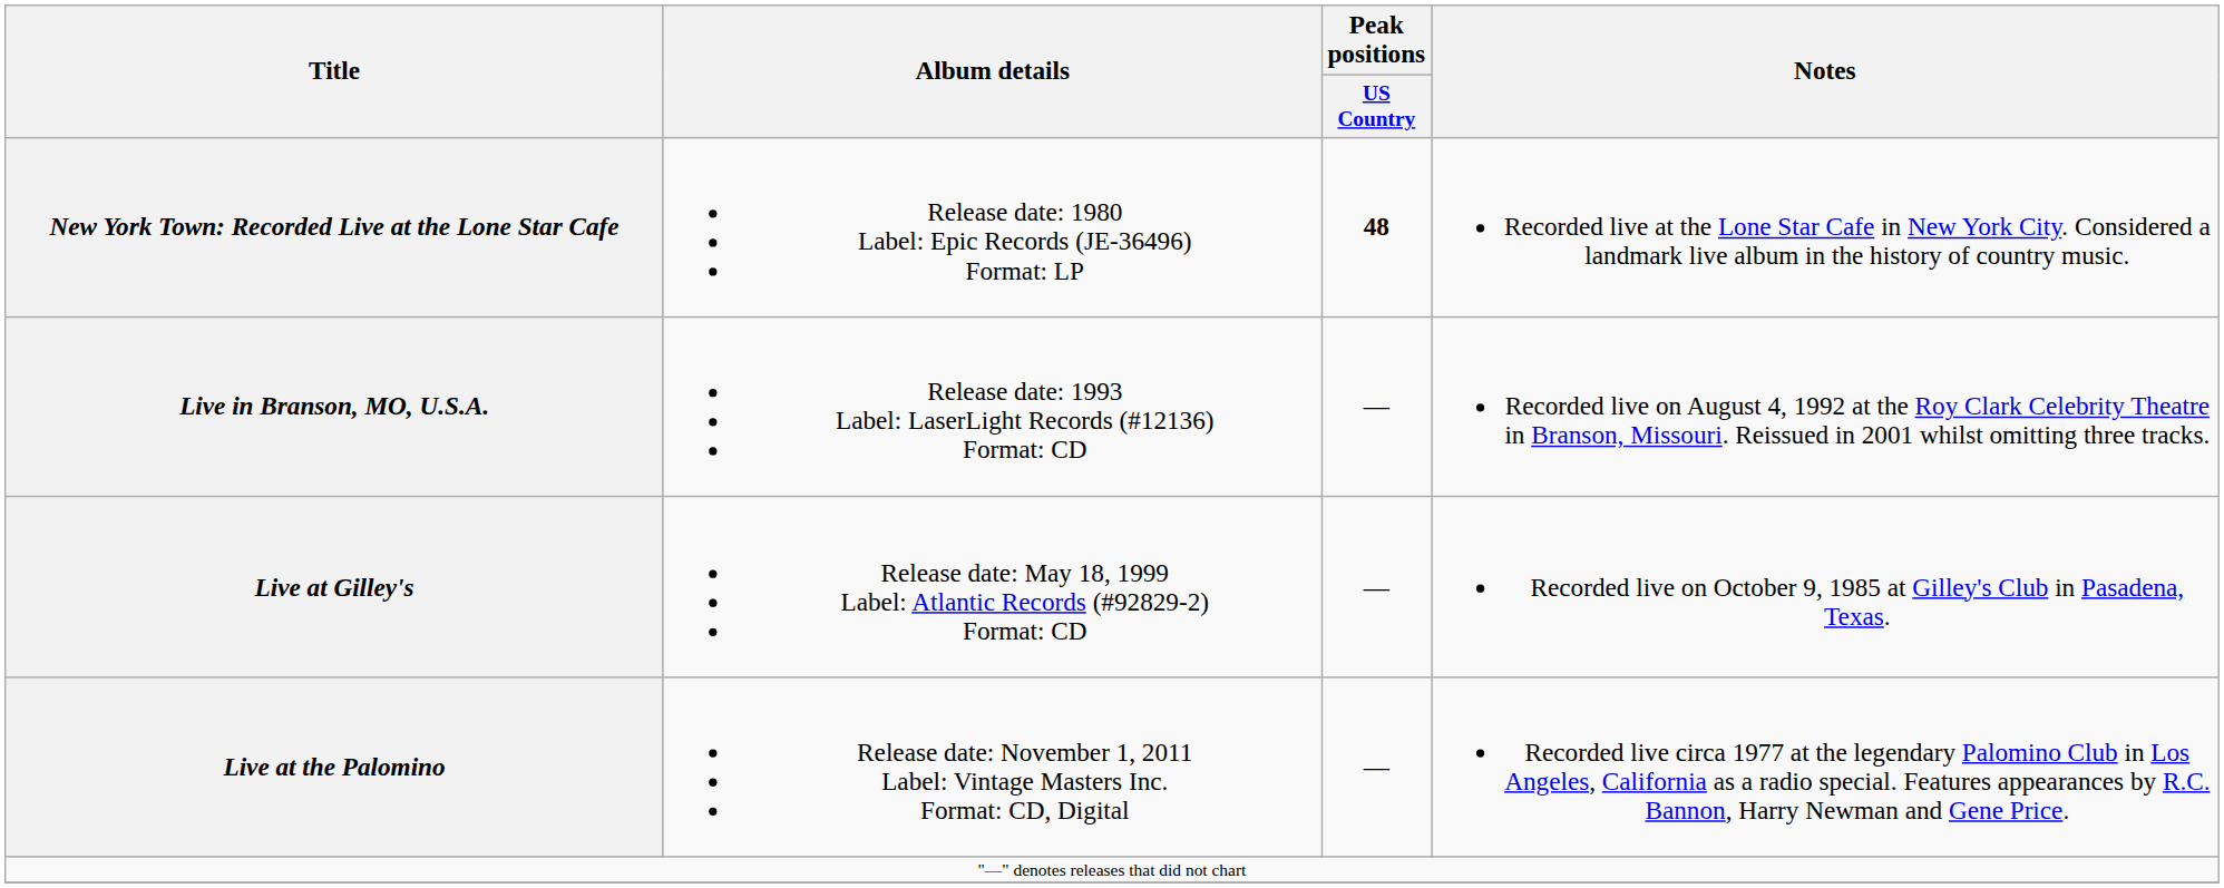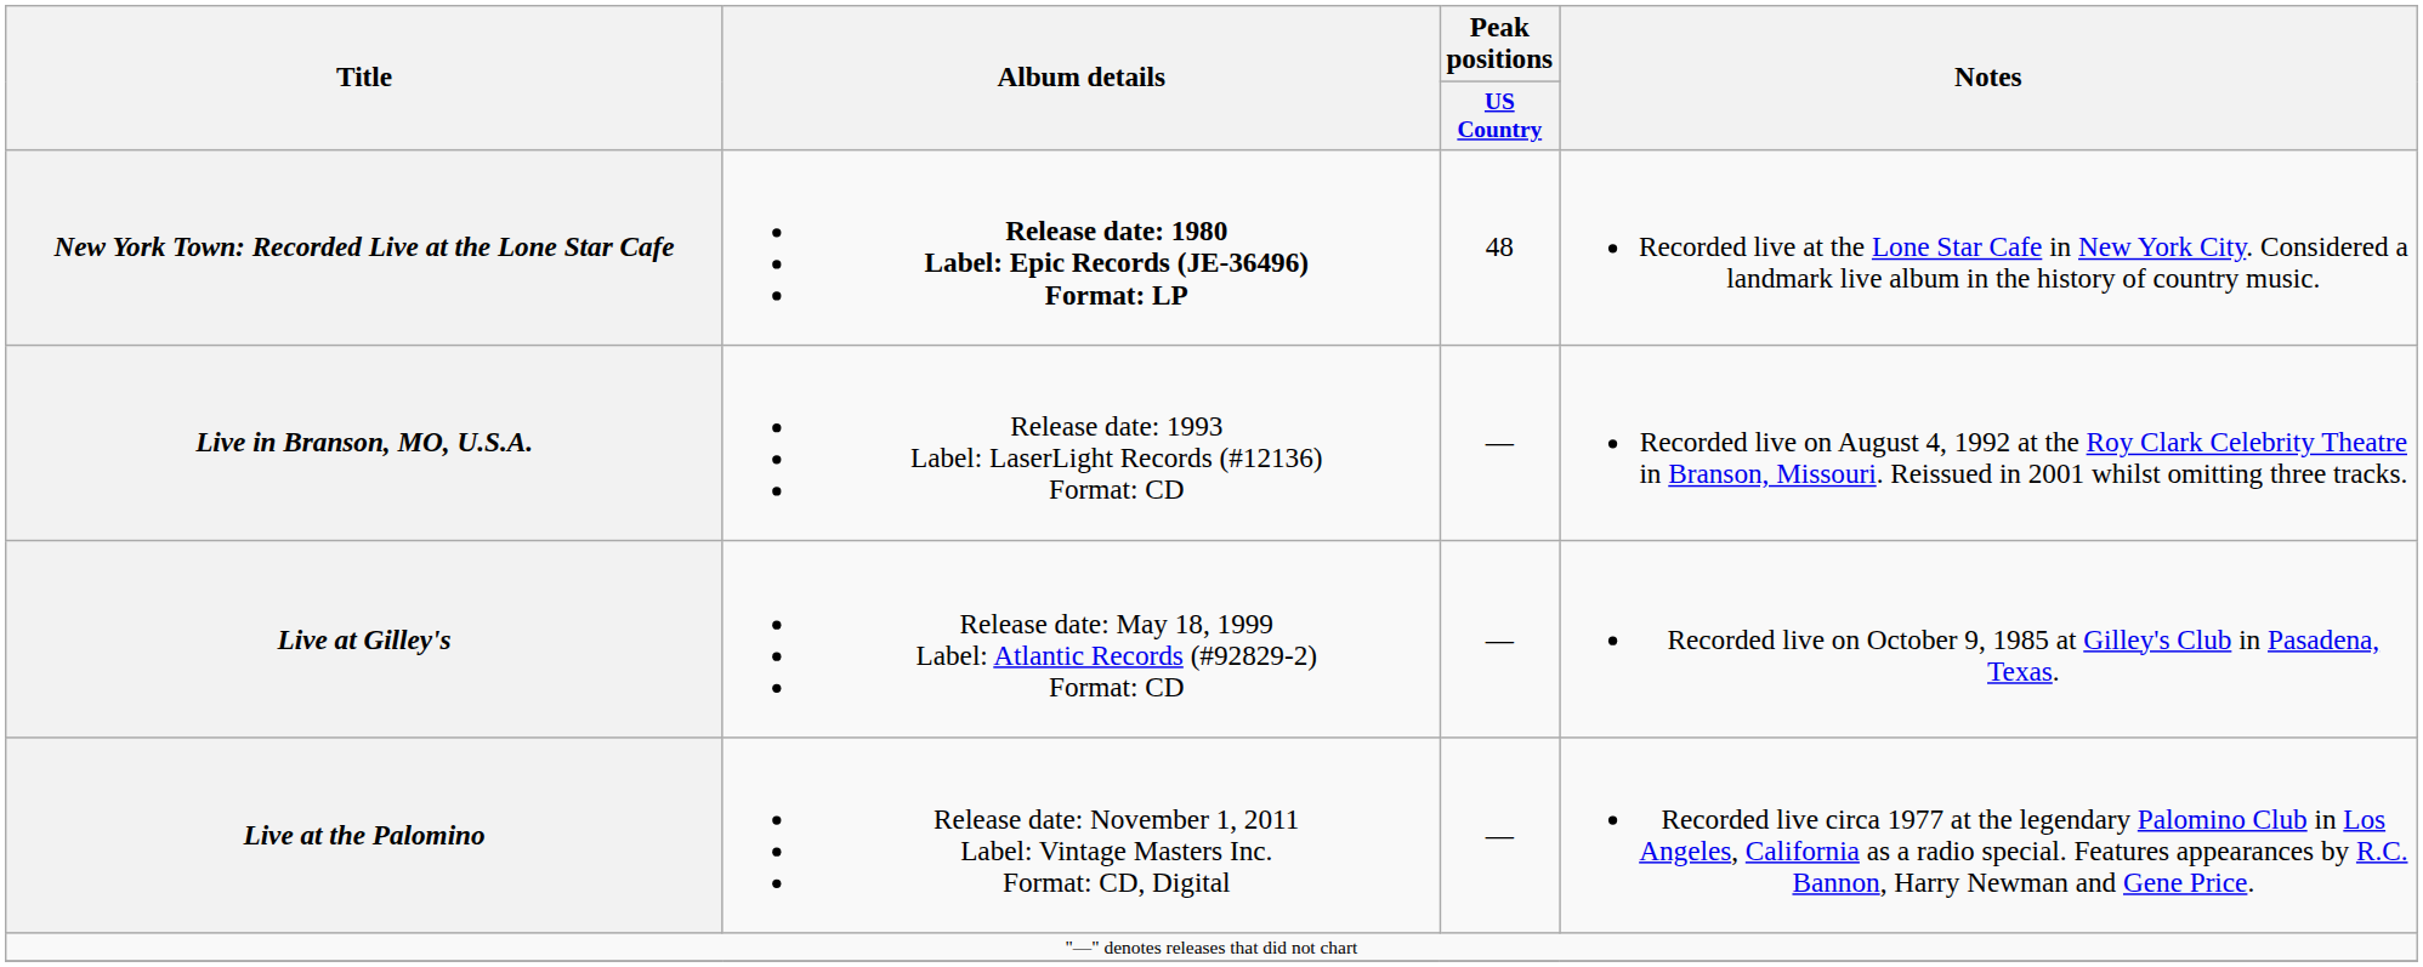 <table class="wikitable plainrowheaders" style="text-align:center;">
 <tr>
 <th rowspan="2" style="width:25em;">Title</th>
 <th rowspan="2" style="width:25em;">Album details</th>
 <th>Peak positions</th>
 <th rowspan="2" style="width:30em;">Notes</th>
 </tr>
 <tr style="font-size:smaller;">
 <th style="width:45px;"><a href='#'>US Country</a></th>
 </tr>
 <tr>
 <th scope="row"><em>New York Town: Recorded Live at the Lone Star Cafe</em></th>
-<td><br><ul><li>Release date: 1980</li><li>Label: Epic Records (JE-36496)</li><li>Format: LP</li></ul></td>
-<td><strong>48</strong></td>
+<td><strong><br><ul><li>Release date: 1980</li><li>Label: Epic Records (JE-36496)</li><li>Format: LP</li></ul></strong></td>
+<td>48</td>
 <td><br><ul><li>Recorded live at the <a href='#'>Lone Star Cafe</a> in <a href='#'>New York City</a>. Considered a landmark live album in the history of country music.</li></ul></td>
 </tr>
 <tr>
 <th scope="row"><em>Live in Branson, MO, U.S.A.</em></th>
 <td><br><ul><li>Release date: 1993</li><li>Label: LaserLight Records (#12136)</li><li>Format: CD</li></ul></td>
 <td>—</td>
 <td><br><ul><li>Recorded live on August 4, 1992 at the <a href='#'>Roy Clark Celebrity Theatre</a> in <a href='#'>Branson, Missouri</a>.  Reissued in 2001 whilst omitting three tracks.</li></ul></td>
 </tr>
 <tr>
 <th scope="row"><em>Live at Gilley's</em></th>
 <td><br><ul><li>Release date: May 18, 1999</li><li>Label: <a href='#'>Atlantic Records</a> (#92829-2)</li><li>Format: CD</li></ul></td>
 <td>—</td>
 <td><br><ul><li>Recorded live on October 9, 1985 at <a href='#'>Gilley's Club</a> in <a href='#'>Pasadena, Texas</a>.</li></ul></td>
 </tr>
 <tr>
 <th scope="row"><em>Live at the Palomino</em></th>
 <td><br><ul><li>Release date: November 1, 2011</li><li>Label: Vintage Masters Inc.</li><li>Format: CD, Digital</li></ul></td>
 <td>—</td>
 <td><br><ul><li>Recorded live circa 1977 at the legendary <a href='#'>Palomino Club</a> in <a href='#'>Los Angeles</a>, <a href='#'>California</a> as a radio special. Features appearances by <a href='#'>R.C. Bannon</a>, Harry Newman and <a href='#'>Gene Price</a>.</li></ul></td>
 </tr>
 <tr>
 <td colspan="5" style="font-size:8pt">"—" denotes releases that did not chart</td>
 </tr>
 <tr>
 </tr>
 </table>
